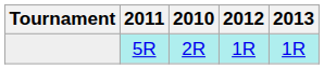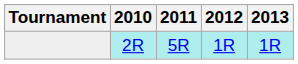 <table class="wikitable" style="width:20%; margin:0">
 <tr>
 <th>Tournament</th>
+<th>2010</th>
 <th>2011</th>
-<th>2010</th>
 <th>2012</th>
 <th>2013</th>
 </tr>
 <tr>
 <td style="background:#efefef;"></td>
+<td style="text-align:center; background:#afeeee;"><a href='#'>2R</a></td>
 <td style="text-align:center; background:#afeeee;"><a href='#'>5R</a></td>
-<td style="text-align:center; background:#afeeee;"><a href='#'>2R</a></td>
 <td style="text-align:center; background:#afeeee;"><a href='#'>1R</a></td>
 <td style="text-align:center; background:#afeeee;"><a href='#'>1R</a></td>
 </tr>
 </table>
